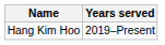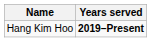 <table class="wikitable">
 <tr>
 <th>Name</th>
 <th>Years served</th>
 </tr>
 <tr>
 <td>Hang Kim Hoo</td>
-<td>2019–Present</td>
+<td><strong>2019–Present</strong></td>
 </tr>
 </table>
